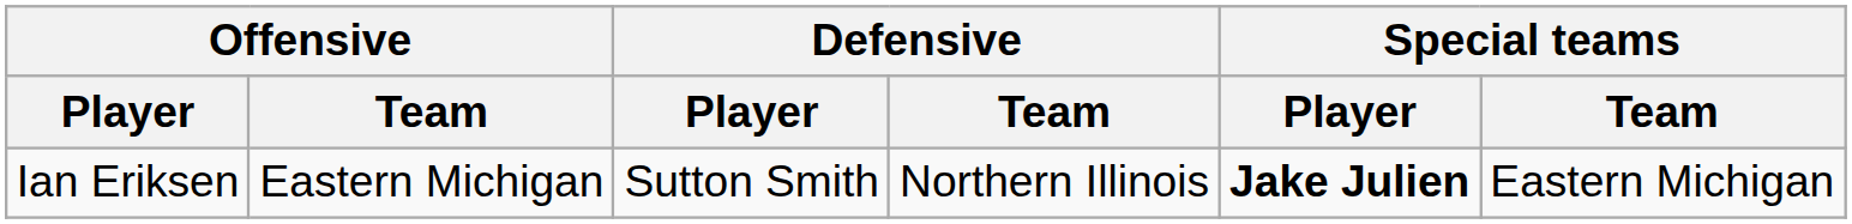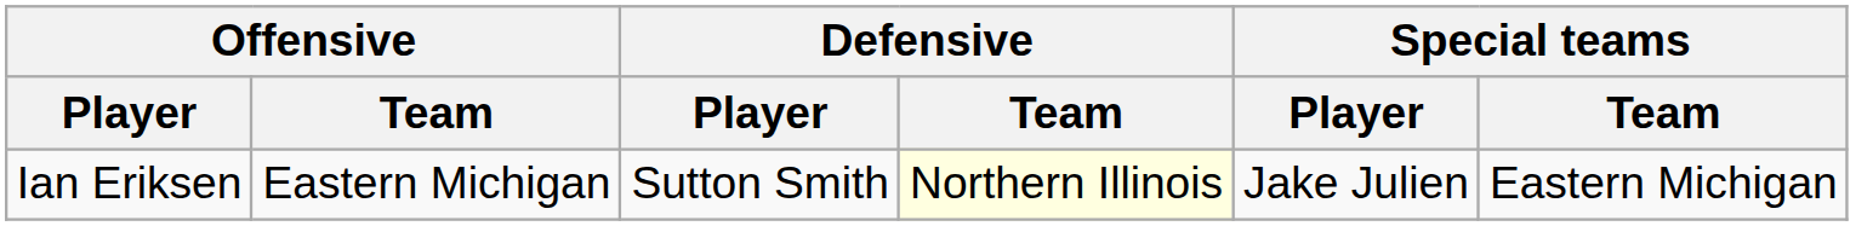 <table class="wikitable" style="display: inline-table;">
 <tr>
 <th colspan="2">Offensive</th>
 <th colspan="2">Defensive</th>
 <th colspan="2">Special teams</th>
 </tr>
 <tr>
 <th>Player</th>
 <th>Team</th>
 <th>Player</th>
 <th>Team</th>
 <th>Player</th>
 <th>Team</th>
 </tr>
 <tr>
 <td>Ian Eriksen</td>
 <td>Eastern Michigan</td>
 <td>Sutton Smith</td>
-<td>Northern Illinois</td>
-<td><strong>Jake Julien</strong></td>
+<td style="background: lightyellow;">Northern Illinois</td>
+<td>Jake Julien</td>
 <td>Eastern Michigan</td>
 </tr>
 </table>
